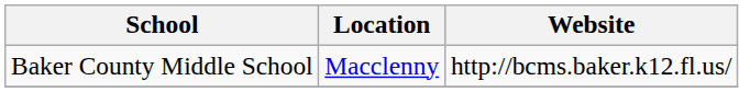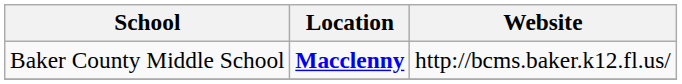 <table class="wikitable" style="text-align:center">
 <tr>
 <th>School</th>
 <th>Location</th>
 <th>Website</th>
 </tr>
 <tr>
 <td>Baker County Middle School</td>
-<td><a href='#'>Macclenny</a></td>
+<td><strong><a href='#'>Macclenny</a></strong></td>
 <td>http://bcms.baker.k12.fl.us/</td>
 </tr>
 <tr>
 </tr>
 </table>
